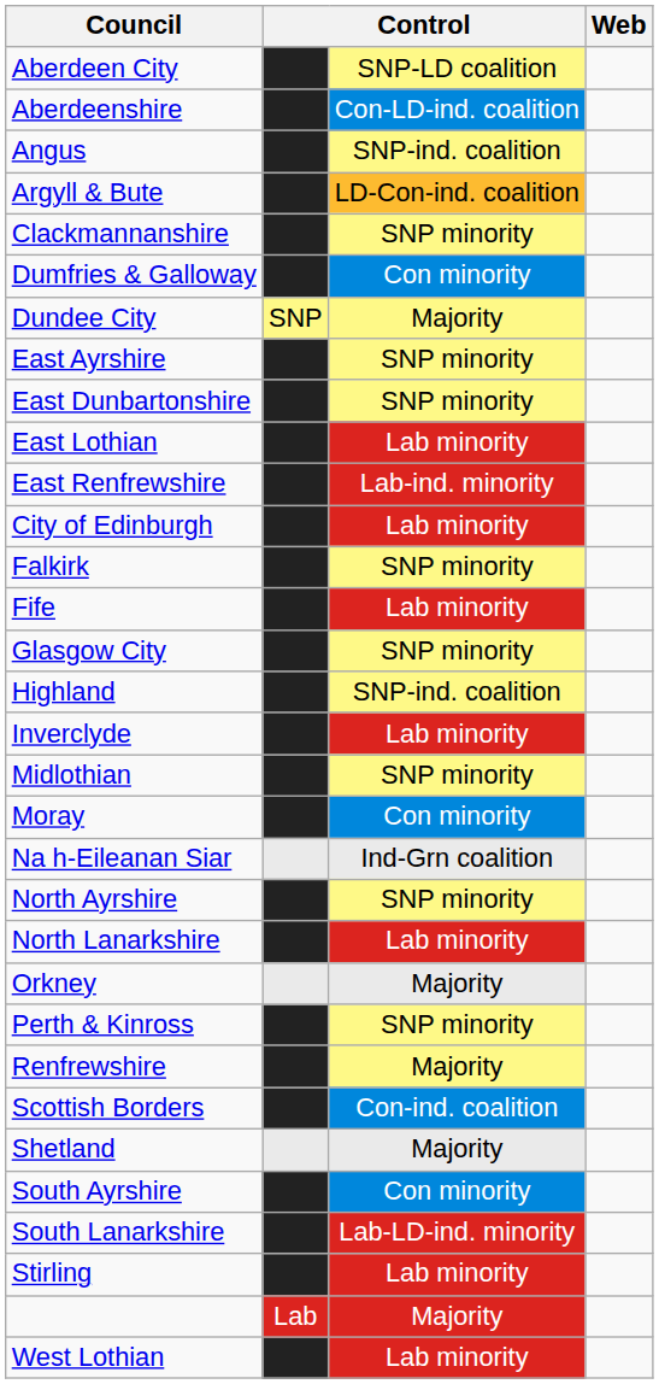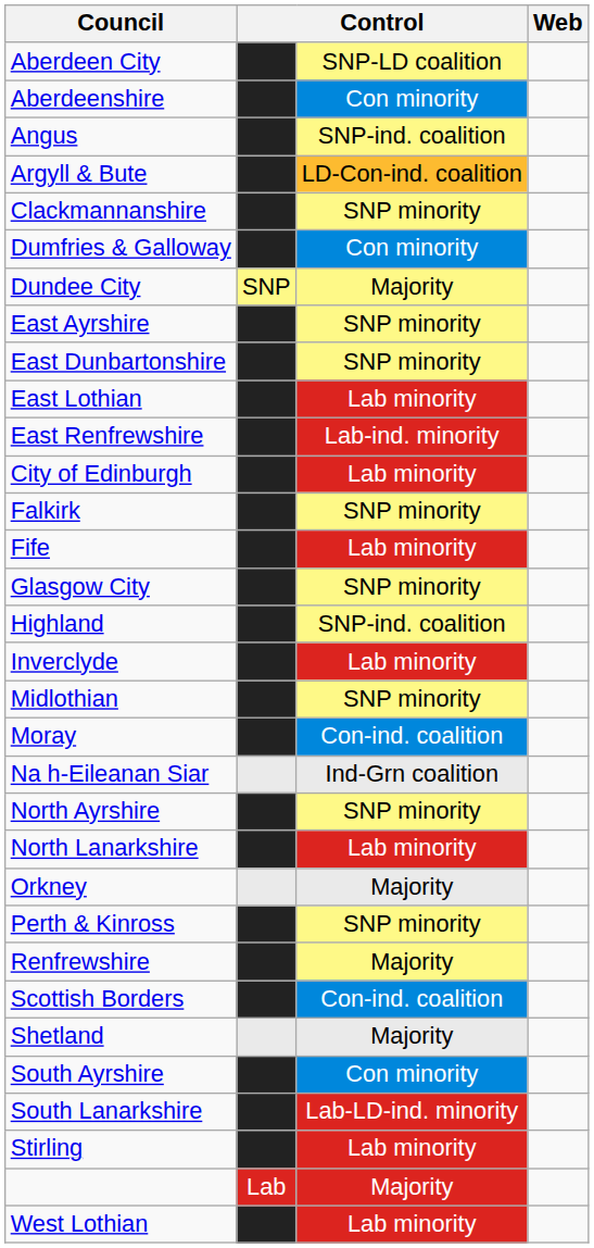 <table class="wikitable sortable" style="text-align:center; ">
 <tr>
 <th>Council</th>
 <th colspan="2">Control</th>
 <th class=unsortable>Web</th>
 </tr>
 <tr>
 <td style="background:default; text-align:left"><a href='#'>Aberdeen City</a></td>
 <td style="color:white; background:#222222;"></td>
 <td style="background:#FEF987">SNP-LD coalition</td>
 <td></td>
 </tr>
 <tr>
 <td style="background:default; text-align:left"><a href='#'>Aberdeenshire</a></td>
 <td style="color:white; background:#222222;"></td>
-<td style="background:#0087DC; color:white">Con-LD-ind. coalition</td>
+<td style="background:#0087DC; color:white">Con minority</td>
 <td></td>
 </tr>
 <tr>
 <td style="background:default; text-align:left"><a href='#'>Angus</a></td>
 <td style="color:white; background:#222222;"></td>
 <td style="background:#FEF987">SNP-ind. coalition</td>
 <td></td>
 </tr>
 <tr>
 <td style="background:default; text-align:left"><a href='#'>Argyll & Bute</a></td>
 <td style="color:white; background:#222222;"></td>
 <td style="background:#FDBB30">LD-Con-ind. coalition</td>
 <td></td>
 </tr>
 <tr>
 <td style="background:default; text-align:left"><a href='#'>Clackmannanshire</a></td>
 <td style="color:white; background:#222222;"></td>
 <td style="background:#FEF987">SNP minority</td>
 <td></td>
 </tr>
 <tr>
 <td style="background:default; text-align:left"><a href='#'>Dumfries & Galloway</a></td>
 <td style="color:white; background:#222222;"></td>
 <td style="background:#0087DC; color:white">Con minority</td>
 <td></td>
 </tr>
 <tr>
 <td style="background:default; text-align:left"><a href='#'>Dundee City</a></td>
 <td style="background:#FEF987">SNP</td>
 <td style="background:#FEF987">Majority</td>
 <td></td>
 </tr>
 <tr>
 <td style="background:default; text-align:left"><a href='#'>East Ayrshire</a></td>
 <td style="color:white; background:#222222;"></td>
 <td style="background:#FEF987">SNP minority</td>
 <td></td>
 </tr>
 <tr>
 <td style="background:default; text-align:left"><a href='#'>East Dunbartonshire</a></td>
 <td style="color:white; background:#222222;"></td>
 <td style="background:#FEF987">SNP minority</td>
 <td></td>
 </tr>
 <tr>
 <td style="background:default; text-align:left"><a href='#'>East Lothian</a></td>
 <td style="color:white; background:#222222;"></td>
 <td style="Color:white; background:#DC241F;">Lab minority</td>
 <td></td>
 </tr>
 <tr>
 <td style="background:default; text-align:left"><a href='#'>East Renfrewshire</a></td>
 <td style="color:white; background:#222222;"></td>
 <td style="Color:white; background:#DC241F;">Lab-ind. minority</td>
 <td></td>
 </tr>
 <tr>
 <td style="background:default; text-align:left"><a href='#'>City of Edinburgh</a></td>
 <td style="color:white; background:#222222;"></td>
 <td style="Color:white; background:#DC241F;”">Lab minority</td>
 <td></td>
 </tr>
 <tr>
 <td style="background:default; text-align:left"><a href='#'>Falkirk</a></td>
 <td style="color:white; background:#222222;"></td>
 <td style="background:#FEF987">SNP minority</td>
 <td></td>
 </tr>
 <tr>
 <td style="background:default; text-align:left"><a href='#'>Fife</a></td>
 <td style="color:white; background:#222222;"></td>
 <td style="Color:white; background:#DC241F;">Lab minority</td>
 <td></td>
 </tr>
 <tr>
 <td style="background:default; text-align:left"><a href='#'>Glasgow City</a></td>
 <td style="color:white; background:#222222;"></td>
 <td style="background:#FEF987">SNP minority</td>
 <td></td>
 </tr>
 <tr>
 <td style="background:default; text-align:left"><a href='#'>Highland</a></td>
 <td style="color:white; background:#222222;"></td>
 <td style="background:#FEF987">SNP-ind. coalition</td>
 <td></td>
 </tr>
 <tr>
 <td style="background:default; text-align:left"><a href='#'>Inverclyde</a></td>
 <td style="color:white; background:#222222;"></td>
 <td style="Color:white; background:#DC241F;">Lab minority</td>
 <td></td>
 </tr>
 <tr>
 <td style="background:default; text-align:left"><a href='#'>Midlothian</a></td>
 <td style="color:white; background:#222222;"></td>
 <td style="background:#FEF987">SNP minority</td>
 <td></td>
 </tr>
 <tr>
 <td style="background:default; text-align:left"><a href='#'>Moray</a></td>
 <td style="color:white; background:#222222;"></td>
-<td style="background:#0087DC; color:white">Con minority</td>
+<td style="background:#0087DC; color:white">Con-ind. coalition</td>
 <td></td>
 </tr>
 <tr>
 <td style="background:default; text-align:left"><a href='#'>Na h-Eileanan Siar</a></td>
 <td style="background:#eaeaea;"></td>
 <td style="background:#eaeaea;">Ind-Grn coalition</td>
 <td></td>
 </tr>
 <tr>
 <td style="background:default; text-align:left"><a href='#'>North Ayrshire</a></td>
 <td style="color:white; background:#222222;"></td>
 <td style="background:#FEF987">SNP minority</td>
 <td></td>
 </tr>
 <tr>
 <td style="background:default; text-align:left"><a href='#'>North Lanarkshire</a></td>
 <td style="color:white; background:#222222;"></td>
 <td style="Color:white; background:#DC241F;">Lab minority</td>
 <td></td>
 </tr>
 <tr>
 <td style="background:default; text-align:left"><a href='#'>Orkney</a></td>
 <td style="background:#eaeaea;"></td>
 <td style="background:#eaeaea;">Majority</td>
 <td></td>
 </tr>
 <tr>
 <td style="background:default; text-align:left"><a href='#'>Perth & Kinross</a></td>
 <td style="color:white; background:#222222;"></td>
 <td style="background:#FEF987">SNP minority</td>
 <td></td>
 </tr>
 <tr>
 <td style="background:default; text-align:left"><a href='#'>Renfrewshire</a></td>
 <td style="color:white; background:#222222;"></td>
 <td style="background:#FEF987">Majority</td>
 <td></td>
 </tr>
 <tr>
 <td style="background:default; text-align:left"><a href='#'>Scottish Borders</a></td>
 <td style="color:white; background:#222222;"></td>
 <td style="background:#0087DC; color:white">Con-ind. coalition</td>
 <td></td>
 </tr>
 <tr>
 <td style="background:default; text-align:left"><a href='#'>Shetland</a></td>
 <td style="background:#eaeaea;"></td>
 <td style="background:#eaeaea;">Majority</td>
 <td></td>
 </tr>
 <tr>
 <td style="background:default; text-align:left"><a href='#'>South Ayrshire</a></td>
 <td style="color:white; background:#222222;"></td>
 <td style="background:#0087DC; color:white">Con minority</td>
 <td></td>
 </tr>
 <tr>
 <td style="background:default; text-align:left"><a href='#'>South Lanarkshire</a></td>
 <td style="color:white; background:#222222;"></td>
 <td style="Color:white; background:#DC241F;">Lab-LD-ind. minority</td>
 <td></td>
 </tr>
 <tr>
 <td style="background:default; text-align:left"><a href='#'>Stirling</a></td>
 <td style="color:white; background:#222222;"></td>
 <td style="Color:white; background:#DC241F;">Lab minority</td>
 <td></td>
 </tr>
 <tr>
 <td style="background:default; text-align:left"></td>
 <td style="color:white; background:#DC241F;">Lab</td>
 <td style="Color:white; background:#DC241F;">Majority</td>
 <td></td>
 </tr>
 <tr>
 <td style="background:default; text-align:left"><a href='#'>West Lothian</a></td>
 <td style="color:white; background:#222222;"></td>
 <td style="Color:white; background:#DC241F;">Lab minority</td>
 <td></td>
 </tr>
 </table>
